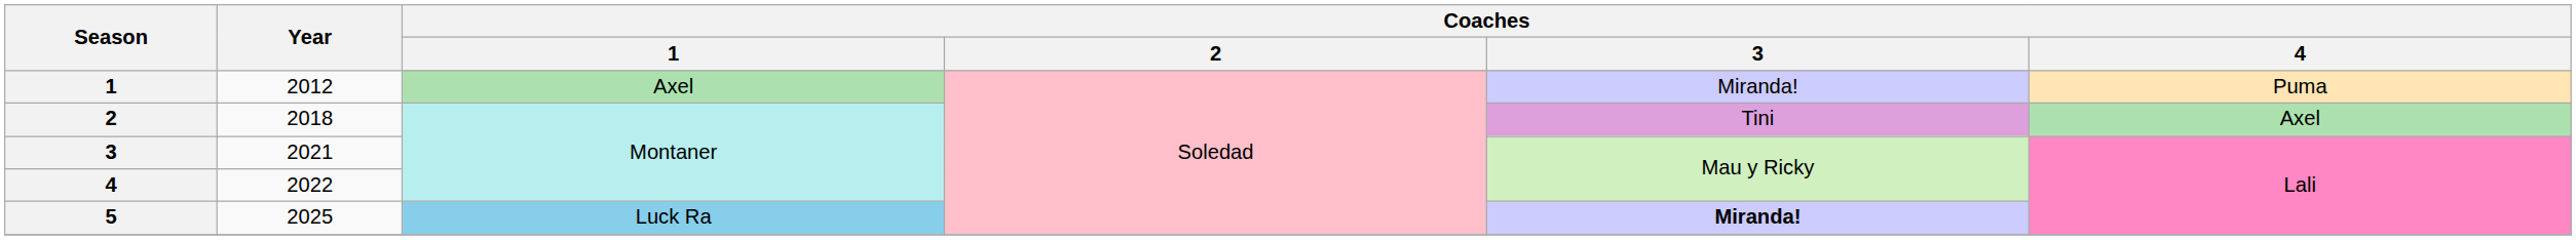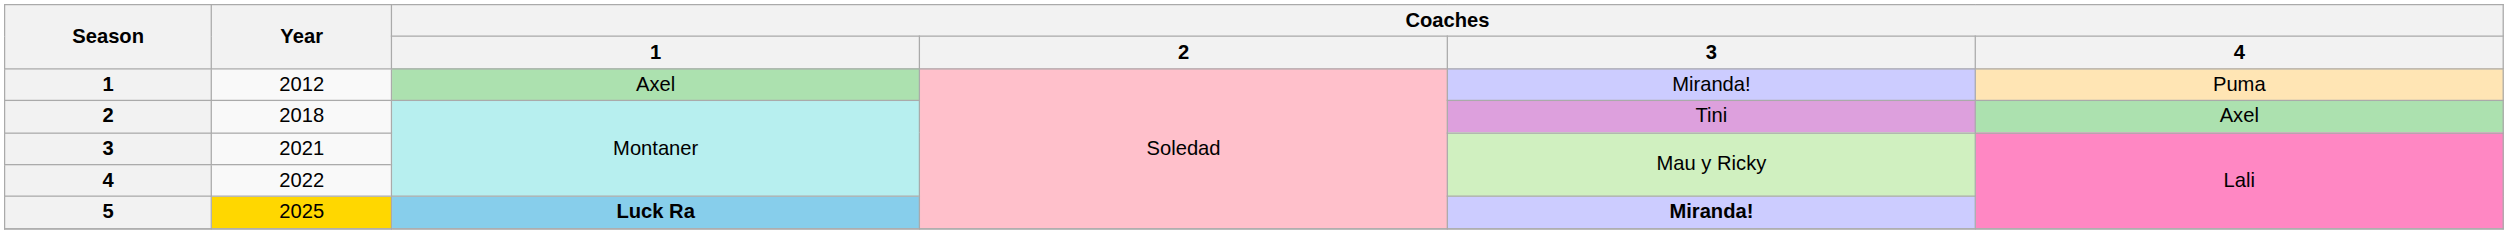 <table class="wikitable collapsible collapsed" style="text-align:center; width:100%">
 <tr>
 <th width="2%" rowspan="2">Season</th>
 <th width="2%" rowspan="2">Year</th>
 <th colspan="4">Coaches</th>
 </tr>
 <tr>
 <th width="6%">1</th>
 <th width="6%">2</th>
 <th width="6%">3</th>
 <th width="6%">4</th>
 </tr>
 <tr>
 <th>1</th>
 <td>2012</td>
 <td style="background:#ace1af">Axel</td>
 <td rowspan=5 style="background:pink">Soledad</td>
 <td style="background:#ccf">Miranda!</td>
 <td rowspan=1 style="background:#ffe5b4">Puma</td>
 </tr>
 <tr>
 <th>2</th>
 <td>2018</td>
 <td rowspan=3 style="background:#b7efef">Montaner</td>
 <td style="background:#dda0dd">Tini</td>
 <td style="background:#ace1af">Axel</td>
 </tr>
 <tr>
 <th>3</th>
 <td>2021</td>
 <td rowspan=2 style="background:#d0f0c0">Mau y Ricky</td>
 <td rowspan=3 style="background:#FF87C3">Lali</td>
 </tr>
 <tr>
 <th>4</th>
 <td>2022</td>
 </tr>
 <tr>
 <th>5</th>
-<td>2025</td>
-<td style="background:#87ceeb">Luck Ra</td>
+<td style="background: gold;">2025</td>
+<td style="background:#87ceeb"><strong>Luck Ra</strong></td>
 <td style="background:#ccf"><strong>Miranda!</strong></td>
 </tr>
 <tr>
 </tr>
 </table>
